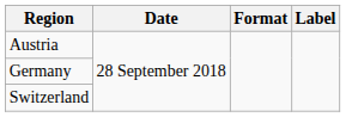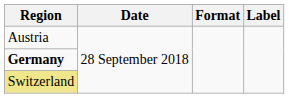 <table class="wikitable">
 <tr>
 <th scope="col">Region</th>
 <th scope="col">Date</th>
 <th scope="col">Format</th>
 <th scope="col">Label</th>
 </tr>
 <tr>
 <td>Austria</td>
 <td rowspan="3">28 September 2018</td>
 <td rowspan="3"></td>
 <td rowspan="3"></td>
 </tr>
 <tr>
-<td>Germany</td>
+<td><strong>Germany</strong></td>
 </tr>
 <tr>
-<td>Switzerland</td>
+<td style="background: khaki;">Switzerland</td>
 </tr>
 </table>
